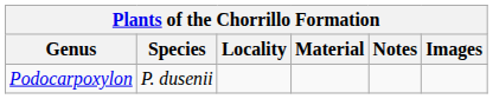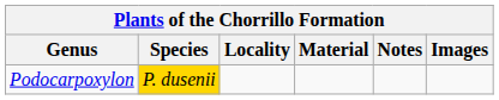 <table class="wikitable" align="center">
 <tr>
 <th colspan="7" align="center"><a href='#'>Plants</a> of the Chorrillo Formation</th>
 </tr>
 <tr>
 <th>Genus</th>
 <th>Species</th>
 <th>Locality</th>
 <th>Material</th>
 <th>Notes</th>
 <th>Images</th>
 </tr>
 <tr>
 <td><em><a href='#'>Podocarpoxylon</a></em></td>
-<td><em>P. dusenii</em></td>
+<td style="background: gold;"><em>P. dusenii</em></td>
 <td></td>
 <td></td>
 <td></td>
 <td></td>
 </tr>
 </table>
